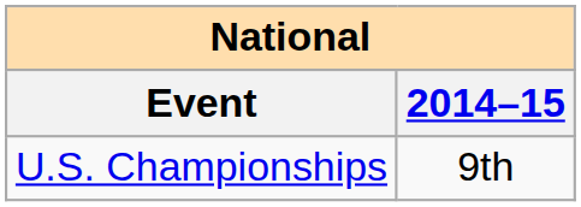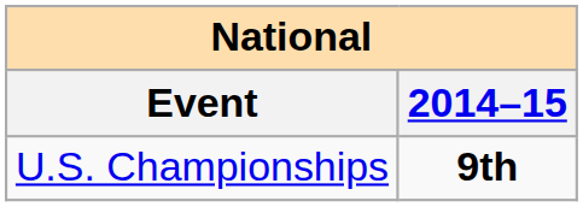 <table class="wikitable" style="text-align:center">
 <tr>
 <th style="background-color: #ffdead; " colspan=2 align=center>National</th>
 </tr>
 <tr>
 <th>Event</th>
 <th><a href='#'>2014–15</a></th>
 </tr>
 <tr>
 <td align=left><a href='#'>U.S. Championships</a></td>
-<td>9th</td>
+<td><strong>9th</strong></td>
 </tr>
 </table>
